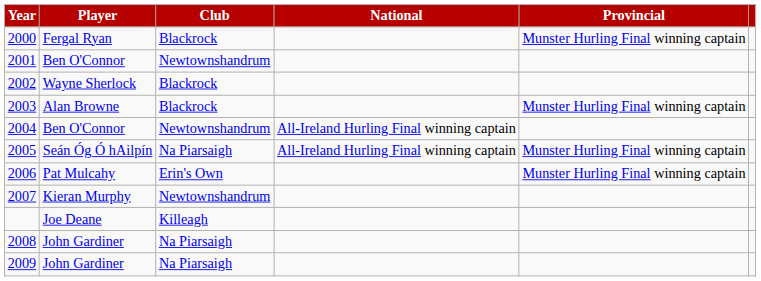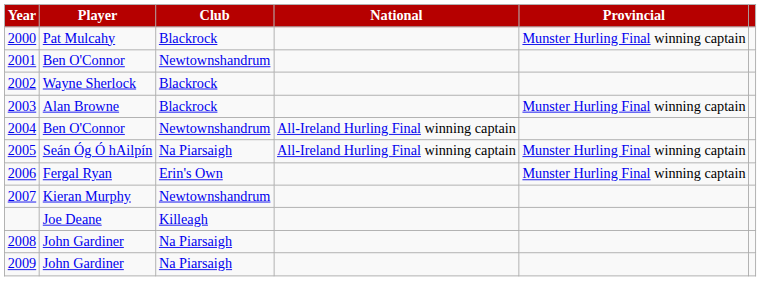 <table class="wikitable">
 <tr style="text-align:center;background:#B60000;color:white">
 <td><strong>Year</strong></td>
 <td><strong>Player</strong></td>
 <td><strong>Club</strong></td>
 <td><strong>National</strong></td>
 <td><strong>Provincial</strong></td>
 <td></td>
 </tr>
 <tr>
 <td style="text-align:left;"><a href='#'>2000</a></td>
-<td style="text-align:left;"><a href='#'>Fergal Ryan</a></td>
+<td style="text-align:left;"><a href='#'>Pat Mulcahy</a></td>
 <td style="text-align:left;"><a href='#'>Blackrock</a></td>
 <td></td>
 <td style="text-align:left;"><a href='#'>Munster Hurling Final</a> winning captain</td>
 <td></td>
 </tr>
 <tr>
 <td style="text-align:left;"><a href='#'>2001</a></td>
 <td style="text-align:left;"><a href='#'>Ben O'Connor</a></td>
 <td style="text-align:left;"><a href='#'>Newtownshandrum</a></td>
 <td></td>
 <td></td>
 <td></td>
 </tr>
 <tr>
 <td style="text-align:left;"><a href='#'>2002</a></td>
 <td style="text-align:left;"><a href='#'>Wayne Sherlock</a></td>
 <td style="text-align:left;"><a href='#'>Blackrock</a></td>
 <td></td>
 <td></td>
 <td></td>
 </tr>
 <tr>
 <td style="text-align:left;"><a href='#'>2003</a></td>
 <td style="text-align:left;"><a href='#'>Alan Browne</a></td>
 <td style="text-align:left;"><a href='#'>Blackrock</a></td>
 <td></td>
 <td style="text-align:left;"><a href='#'>Munster Hurling Final</a> winning captain</td>
 <td></td>
 </tr>
 <tr>
 <td style="text-align:left;"><a href='#'>2004</a></td>
 <td style="text-align:left;"><a href='#'>Ben O'Connor</a></td>
 <td style="text-align:left;"><a href='#'>Newtownshandrum</a></td>
 <td style="text-align:left;"><a href='#'>All-Ireland Hurling Final</a> winning captain</td>
 <td></td>
 <td></td>
 </tr>
 <tr>
 <td style="text-align:left;"><a href='#'>2005</a></td>
 <td style="text-align:left;"><a href='#'>Seán Óg Ó hAilpín</a></td>
 <td style="text-align:left;"><a href='#'>Na Piarsaigh</a></td>
 <td style="text-align:left;"><a href='#'>All-Ireland Hurling Final</a> winning captain</td>
 <td style="text-align:left;"><a href='#'>Munster Hurling Final</a> winning captain</td>
 <td></td>
 </tr>
 <tr>
 <td style="text-align:left;"><a href='#'>2006</a></td>
-<td style="text-align:left;"><a href='#'>Pat Mulcahy</a></td>
+<td style="text-align:left;"><a href='#'>Fergal Ryan</a></td>
 <td style="text-align:left;"><a href='#'>Erin's Own</a></td>
 <td></td>
 <td style="text-align:left;"><a href='#'>Munster Hurling Final</a> winning captain</td>
 <td></td>
 </tr>
 <tr>
 <td style="text-align:left;"><a href='#'>2007</a></td>
 <td style="text-align:left;"><a href='#'>Kieran Murphy</a></td>
 <td style="text-align:left;"><a href='#'>Newtownshandrum</a></td>
 <td></td>
 <td></td>
 <td></td>
 </tr>
 <tr>
 <td></td>
 <td style="text-align:left;"><a href='#'>Joe Deane</a></td>
 <td style="text-align:left;"><a href='#'>Killeagh</a></td>
 <td></td>
 <td></td>
 <td></td>
 </tr>
 <tr>
 <td style="text-align:left;"><a href='#'>2008</a></td>
 <td style="text-align:left;"><a href='#'>John Gardiner</a></td>
 <td style="text-align:left;"><a href='#'>Na Piarsaigh</a></td>
 <td></td>
 <td></td>
 <td></td>
 </tr>
 <tr>
 <td style="text-align:left;"><a href='#'>2009</a></td>
 <td style="text-align:left;"><a href='#'>John Gardiner</a></td>
 <td style="text-align:left;"><a href='#'>Na Piarsaigh</a></td>
 <td></td>
 <td></td>
 <td></td>
 </tr>
 </table>
